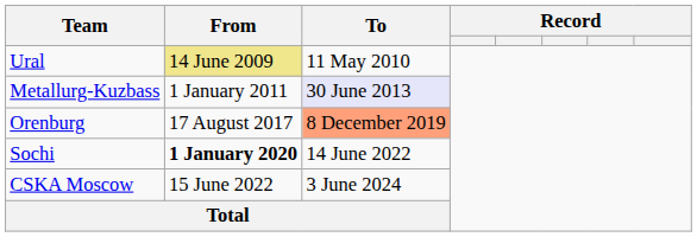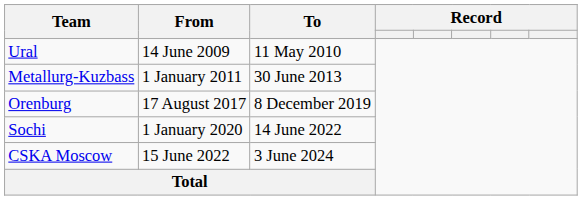 <table class="wikitable" style="text-align:center">
 <tr>
 <th rowspan="2">Team</th>
 <th rowspan="2">From</th>
 <th rowspan="2">To</th>
 <th colspan="5">Record</th>
 </tr>
 <tr>
 <th width=30></th>
 <th width=30></th>
 <th width=30></th>
 <th width=30></th>
 <th width=40></th>
 </tr>
 <tr>
 <td align=left><a href='#'>Ural</a></td>
-<td align=left style="background: khaki;">14 June 2009</td>
+<td align=left>14 June 2009</td>
 <td align=left>11 May 2010<br></td>
 </tr>
 <tr>
 <td align=left><a href='#'>Metallurg-Kuzbass</a></td>
 <td align=left>1 January 2011</td>
-<td align=left style="background: lavender;">30 June 2013<br></td>
+<td align=left>30 June 2013<br></td>
 </tr>
 <tr>
 <td align=left><a href='#'>Orenburg</a></td>
 <td align=left>17 August 2017</td>
-<td align=left style="background: lightsalmon;">8 December 2019<br></td>
+<td align=left>8 December 2019<br></td>
 </tr>
 <tr>
 <td align=left><a href='#'>Sochi</a></td>
-<td align=left><strong>1 January 2020</strong></td>
+<td align=left>1 January 2020</td>
 <td align=left>14 June 2022<br></td>
 </tr>
 <tr>
 <td align=left><a href='#'>CSKA Moscow</a></td>
 <td align=left>15 June 2022</td>
 <td align=left>3 June 2024<br></td>
 </tr>
 <tr>
 <th colspan="3">Total<br></th>
 </tr>
 </table>
